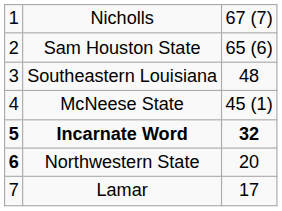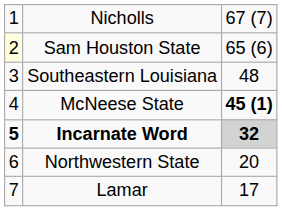 <table class="wikitable">
 <tr align="center">
 <td>1</td>
 <td>Nicholls</td>
 <td>67 (7)</td>
 </tr>
 <tr align="center">
-<td>2</td>
+<td style="background: lightyellow;">2</td>
 <td>Sam Houston State</td>
 <td>65 (6)</td>
 </tr>
 <tr align="center">
 <td>3</td>
 <td>Southeastern Louisiana</td>
 <td>48</td>
 </tr>
 <tr align="center">
 <td>4</td>
 <td>McNeese State</td>
-<td>45 (1)</td>
+<td><strong>45 (1)</strong></td>
 </tr>
 <tr align="center">
 <td><strong>5</strong></td>
 <td><strong>Incarnate Word</strong></td>
-<td><strong>32</strong></td>
+<td style="background: lightgrey;"><strong>32</strong></td>
 </tr>
 <tr align="center">
-<td><strong>6</strong></td>
+<td>6</td>
 <td>Northwestern State</td>
 <td>20</td>
 </tr>
 <tr align="center">
 <td>7</td>
 <td>Lamar</td>
 <td>17</td>
 </tr>
 </table>
